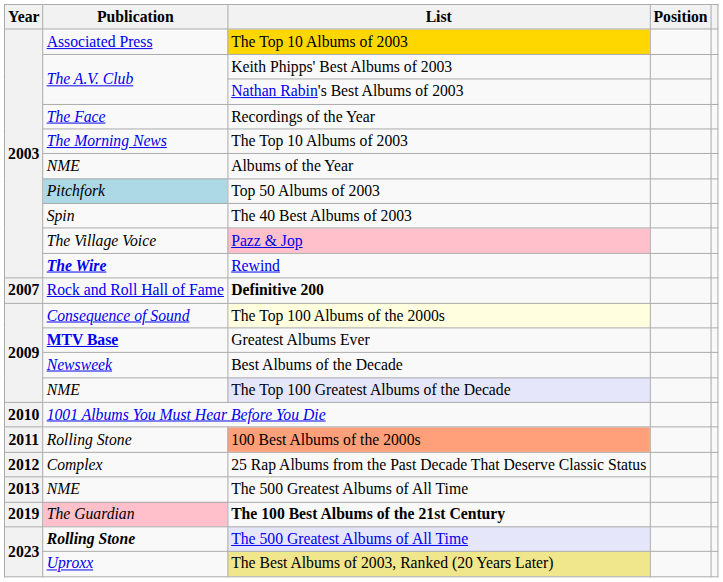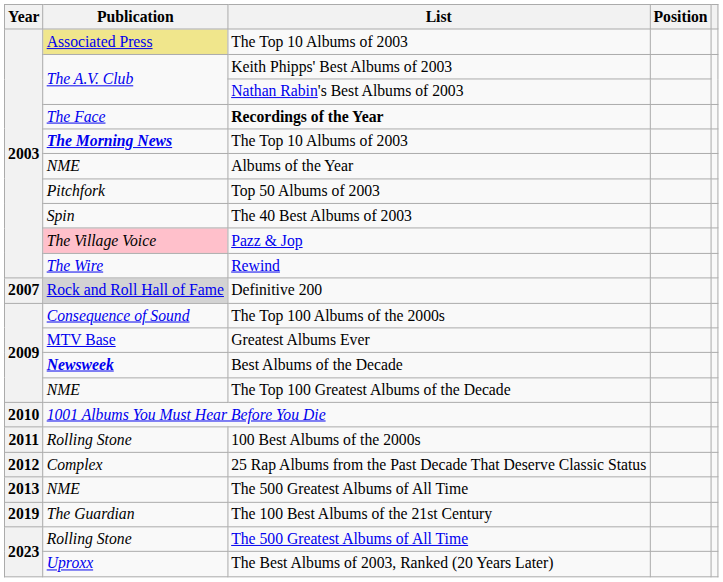 <table class="wikitable sortable plainrowheaders">
 <tr>
 <th scope="col">Year</th>
 <th scope="col">Publication</th>
 <th scope="col">List</th>
 <th scope="col">Position</th>
 <th scope="col"></th>
 </tr>
 <tr>
 <th scope="row" rowspan="10">2003</th>
-<td><a href='#'>Associated Press</a></td>
-<td style="background: gold;">The Top 10 Albums of 2003</td>
+<td style="background: khaki;"><a href='#'>Associated Press</a></td>
+<td>The Top 10 Albums of 2003</td>
 <td></td>
 <td></td>
 </tr>
 <tr>
 <td rowspan="2"><em><a href='#'>The A.V. Club</a></em></td>
 <td>Keith Phipps' Best Albums of 2003</td>
 <td></td>
 <td rowspan="2"></td>
 </tr>
 <tr>
 <td><a href='#'>Nathan Rabin</a>'s Best Albums of 2003</td>
 <td></td>
 </tr>
 <tr>
 <td><em><a href='#'>The Face</a></em></td>
-<td>Recordings of the Year</td>
+<td><strong>Recordings of the Year</strong></td>
 <td></td>
 <td></td>
 </tr>
 <tr>
-<td><em><a href='#'>The Morning News</a></em></td>
+<td><strong><em><a href='#'>The Morning News</a></em></strong></td>
 <td>The Top 10 Albums of 2003</td>
 <td></td>
 <td></td>
 </tr>
 <tr>
 <td><em>NME</em></td>
 <td>Albums of the Year</td>
 <td></td>
 <td></td>
 </tr>
 <tr>
-<td style="background: lightblue;"><em>Pitchfork</em></td>
+<td><em>Pitchfork</em></td>
 <td>Top 50 Albums of 2003</td>
 <td></td>
 <td></td>
 </tr>
 <tr>
 <td><em>Spin</em></td>
 <td>The 40 Best Albums of 2003</td>
 <td></td>
 <td></td>
 </tr>
 <tr>
-<td><em>The Village Voice</em></td>
-<td style="background: pink;"><a href='#'>Pazz & Jop</a></td>
+<td style="background: pink;"><em>The Village Voice</em></td>
+<td><a href='#'>Pazz & Jop</a></td>
 <td></td>
 <td></td>
 </tr>
 <tr>
-<td><strong><em><a href='#'>The Wire</a></em></strong></td>
+<td><em><a href='#'>The Wire</a></em></td>
 <td><a href='#'>Rewind</a></td>
 <td></td>
 <td></td>
 </tr>
 <tr>
 <th scope="row">2007</th>
-<td><a href='#'>Rock and Roll Hall of Fame</a></td>
-<td><strong>Definitive 200</strong></td>
+<td style="background: lightgrey;"><a href='#'>Rock and Roll Hall of Fame</a></td>
+<td>Definitive 200</td>
 <td></td>
 <td></td>
 </tr>
 <tr>
 <th scope="row" rowspan="4">2009</th>
 <td><em><a href='#'>Consequence of Sound</a></em></td>
-<td style="background: lightyellow;">The Top 100 Albums of the 2000s</td>
+<td>The Top 100 Albums of the 2000s</td>
 <td></td>
 <td></td>
 </tr>
 <tr>
-<td><strong><a href='#'>MTV Base</a></strong></td>
+<td><a href='#'>MTV Base</a></td>
 <td>Greatest Albums Ever</td>
 <td></td>
 <td></td>
 </tr>
 <tr>
-<td><em><a href='#'>Newsweek</a></em></td>
+<td><strong><em><a href='#'>Newsweek</a></em></strong></td>
 <td>Best Albums of the Decade</td>
 <td></td>
 <td></td>
 </tr>
 <tr>
 <td><em>NME</em></td>
-<td style="background: lavender;">The Top 100 Greatest Albums of the Decade</td>
+<td>The Top 100 Greatest Albums of the Decade</td>
 <td></td>
 <td></td>
 </tr>
 <tr>
 <th scope="row">2010</th>
 <td colspan="2"><em><a href='#'>1001 Albums You Must Hear Before You Die</a></em></td>
 <td></td>
 <td></td>
 </tr>
 <tr>
 <th scope="row">2011</th>
 <td><em>Rolling Stone</em></td>
-<td style="background: lightsalmon;">100 Best Albums of the 2000s</td>
+<td>100 Best Albums of the 2000s</td>
 <td></td>
 <td></td>
 </tr>
 <tr>
 <th scope="row">2012</th>
 <td><em>Complex</em></td>
 <td>25 Rap Albums from the Past Decade That Deserve Classic Status</td>
 <td></td>
 <td></td>
 </tr>
 <tr>
 <th scope="row">2013</th>
 <td><em>NME</em></td>
 <td>The 500 Greatest Albums of All Time</td>
 <td></td>
 <td></td>
 </tr>
 <tr>
 <th scope="row">2019</th>
-<td style="background: pink;"><em>The Guardian</em></td>
-<td><strong>The 100 Best Albums of the 21st Century</strong></td>
+<td><em>The Guardian</em></td>
+<td>The 100 Best Albums of the 21st Century</td>
 <td></td>
 <td></td>
 </tr>
 <tr>
 <th scope="row" rowspan="2">2023</th>
-<td><strong><em>Rolling Stone</em></strong></td>
-<td style="background: lavender;"><a href='#'>The 500 Greatest Albums of All Time</a></td>
+<td><em>Rolling Stone</em></td>
+<td><a href='#'>The 500 Greatest Albums of All Time</a></td>
 <td></td>
 <td></td>
 </tr>
 <tr>
 <td><em><a href='#'>Uproxx</a></em></td>
-<td style="background: khaki;">The Best Albums of 2003, Ranked (20 Years Later)</td>
+<td>The Best Albums of 2003, Ranked (20 Years Later)</td>
 <td></td>
 <td></td>
 </tr>
 </table>
